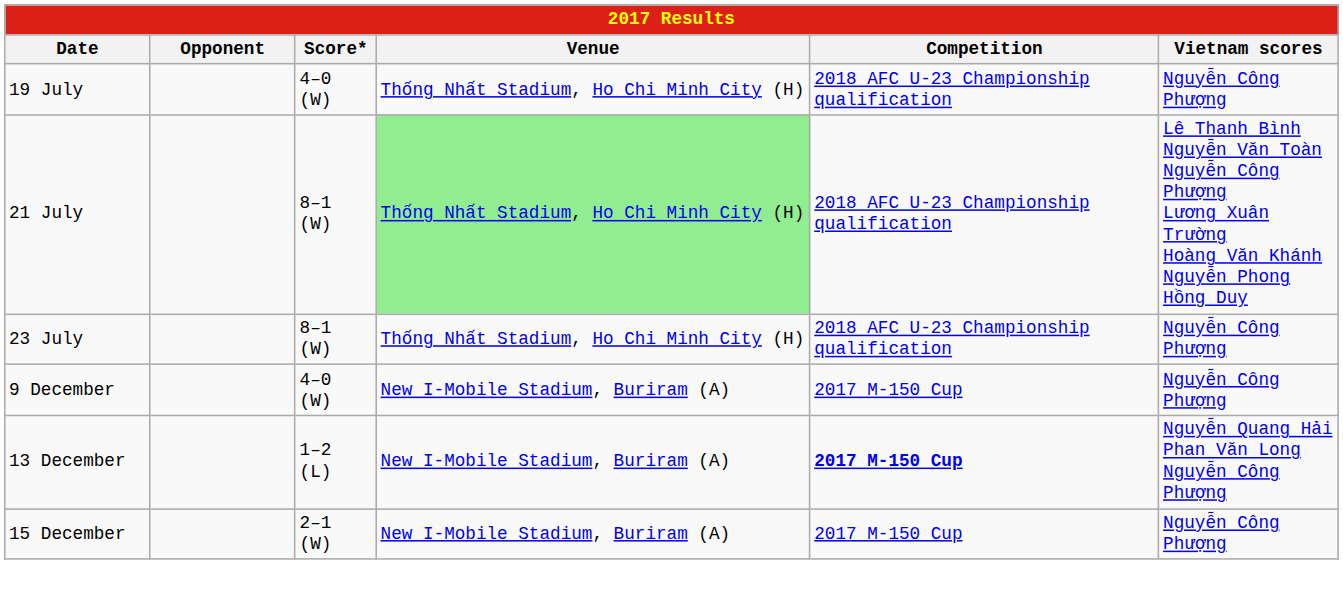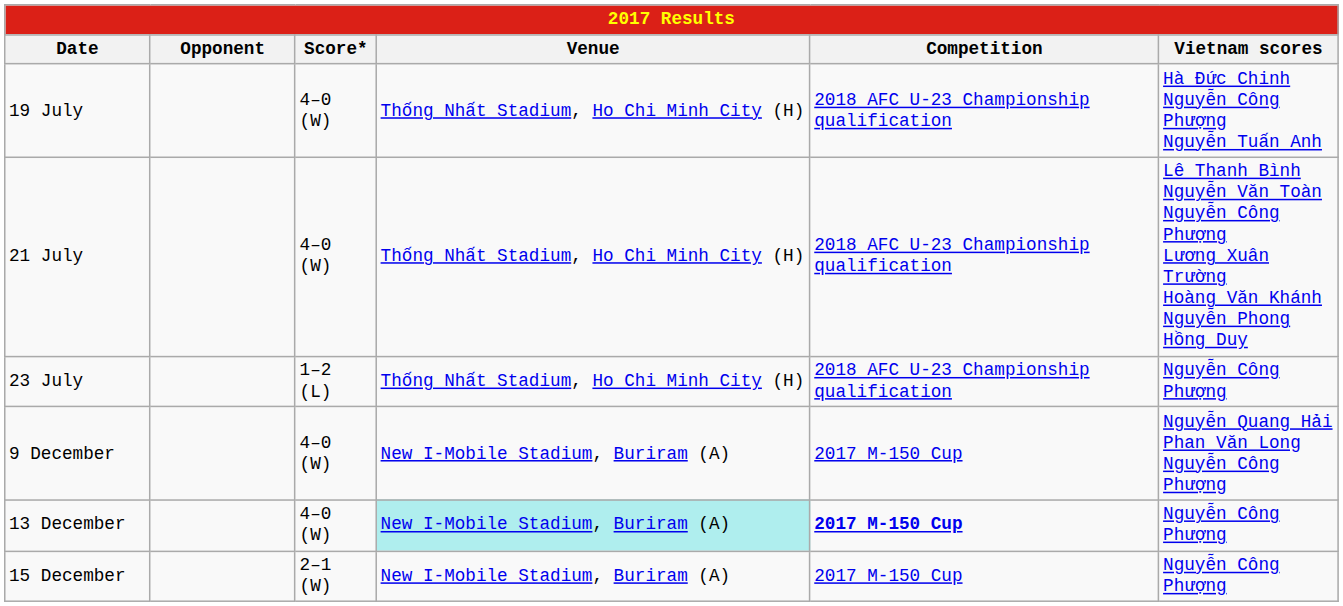 <table class="wikitable" width=100% style="text-align:left;font-size:90%;">
 <tr>
 <th colspan=9 style="background: #DB2017; color: #FFFF00;">2017 Results</th>
 </tr>
 <tr>
 <th width=80>Date</th>
 <th width=80>Opponent</th>
 <th width=20>Score*</th>
 <th width=250>Venue</th>
 <th width=200>Competition</th>
 <th width=100>Vietnam scores</th>
 </tr>
 <tr>
 <td>19 July</td>
 <td></td>
 <td>4–0 (W)</td>
 <td><a href='#'>Thống Nhất Stadium</a>, <a href='#'>Ho Chi Minh City</a> (H)</td>
 <td><a href='#'>2018 AFC U-23 Championship qualification</a></td>
-<td><a href='#'>Nguyễn Công Phượng</a> </td>
+<td><a href='#'>Hà Đức Chinh</a> <br><a href='#'>Nguyễn Công Phượng</a> <br><a href='#'>Nguyễn Tuấn Anh</a> </td>
 </tr>
 <tr>
 <td>21 July</td>
 <td></td>
-<td>8–1 (W)</td>
-<td style="background: lightgreen;"><a href='#'>Thống Nhất Stadium</a>, <a href='#'>Ho Chi Minh City</a> (H)</td>
+<td>4–0 (W)</td>
+<td><a href='#'>Thống Nhất Stadium</a>, <a href='#'>Ho Chi Minh City</a> (H)</td>
 <td><a href='#'>2018 AFC U-23 Championship qualification</a></td>
 <td><a href='#'>Lê Thanh Bình</a> <br><a href='#'>Nguyễn Văn Toàn</a> <br><a href='#'>Nguyễn Công Phượng</a> <br><a href='#'>Lương Xuân Trường</a> <br><a href='#'>Hoàng Văn Khánh</a> <br><a href='#'>Nguyễn Phong Hồng Duy</a> </td>
 </tr>
 <tr>
 <td>23 July</td>
 <td></td>
-<td>8–1 (W)</td>
+<td>1–2 (L)</td>
 <td><a href='#'>Thống Nhất Stadium</a>, <a href='#'>Ho Chi Minh City</a> (H)</td>
 <td><a href='#'>2018 AFC U-23 Championship qualification</a></td>
 <td><a href='#'>Nguyễn Công Phượng</a> </td>
 </tr>
 <tr>
 <td>9 December</td>
 <td></td>
 <td>4–0 (W)</td>
 <td><a href='#'>New I-Mobile Stadium</a>, <a href='#'>Buriram</a> (A)</td>
 <td><a href='#'>2017 M-150 Cup</a></td>
-<td><a href='#'>Nguyễn Công Phượng</a> </td>
+<td><a href='#'>Nguyễn Quang Hải</a> <br><a href='#'>Phan Văn Long</a> <br><a href='#'>Nguyễn Công Phượng</a> </td>
 </tr>
 <tr>
 <td>13 December</td>
 <td></td>
-<td>1–2 (L)</td>
-<td><a href='#'>New I-Mobile Stadium</a>, <a href='#'>Buriram</a> (A)</td>
+<td>4–0 (W)</td>
+<td style="background: paleturquoise;"><a href='#'>New I-Mobile Stadium</a>, <a href='#'>Buriram</a> (A)</td>
 <td><strong><a href='#'>2017 M-150 Cup</a></strong></td>
-<td><a href='#'>Nguyễn Quang Hải</a> <br><a href='#'>Phan Văn Long</a> <br><a href='#'>Nguyễn Công Phượng</a> </td>
+<td><a href='#'>Nguyễn Công Phượng</a> </td>
 </tr>
 <tr>
 <td>15 December</td>
 <td></td>
 <td>2–1 (W)</td>
 <td><a href='#'>New I-Mobile Stadium</a>, <a href='#'>Buriram</a> (A)</td>
 <td><a href='#'>2017 M-150 Cup</a></td>
 <td><a href='#'>Nguyễn Công Phượng</a> </td>
 </tr>
 </table>
